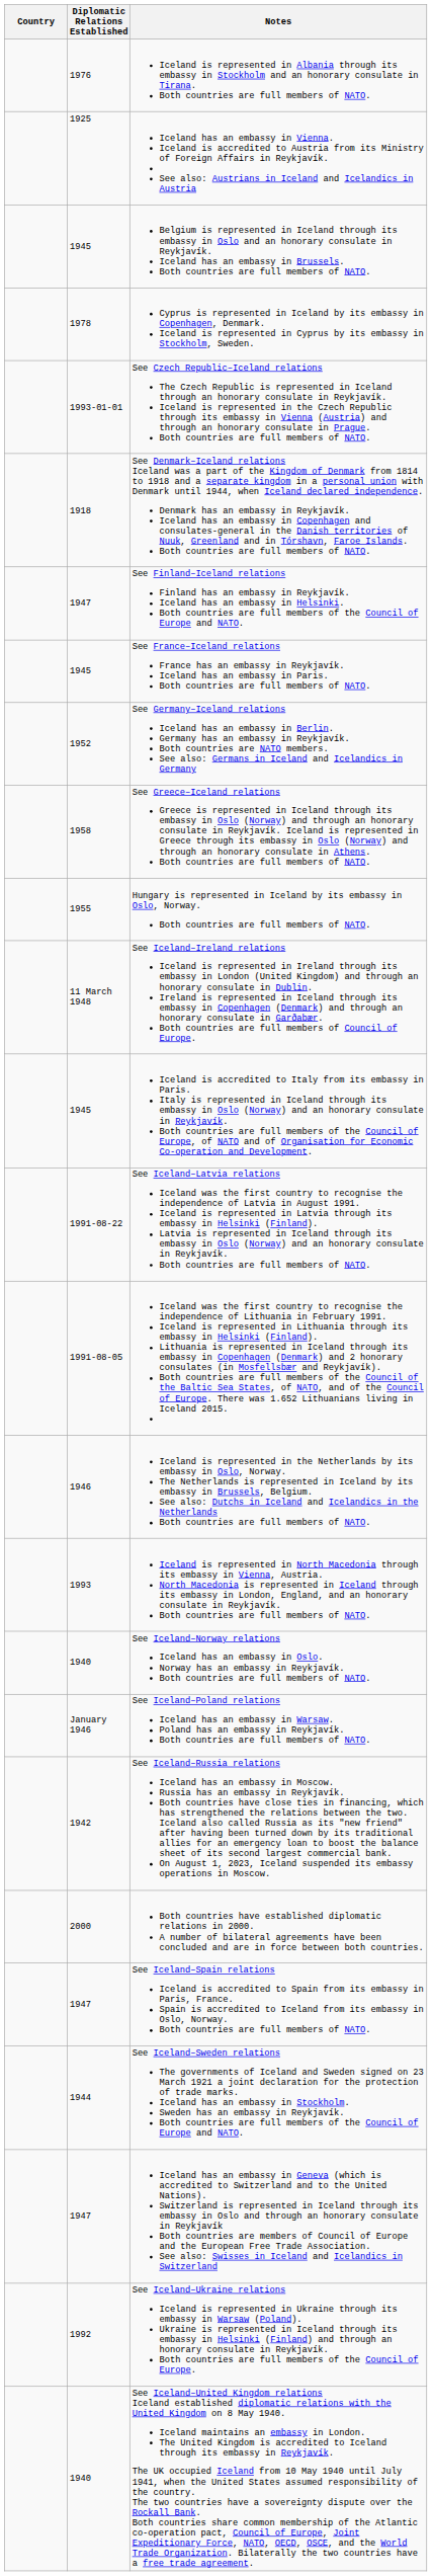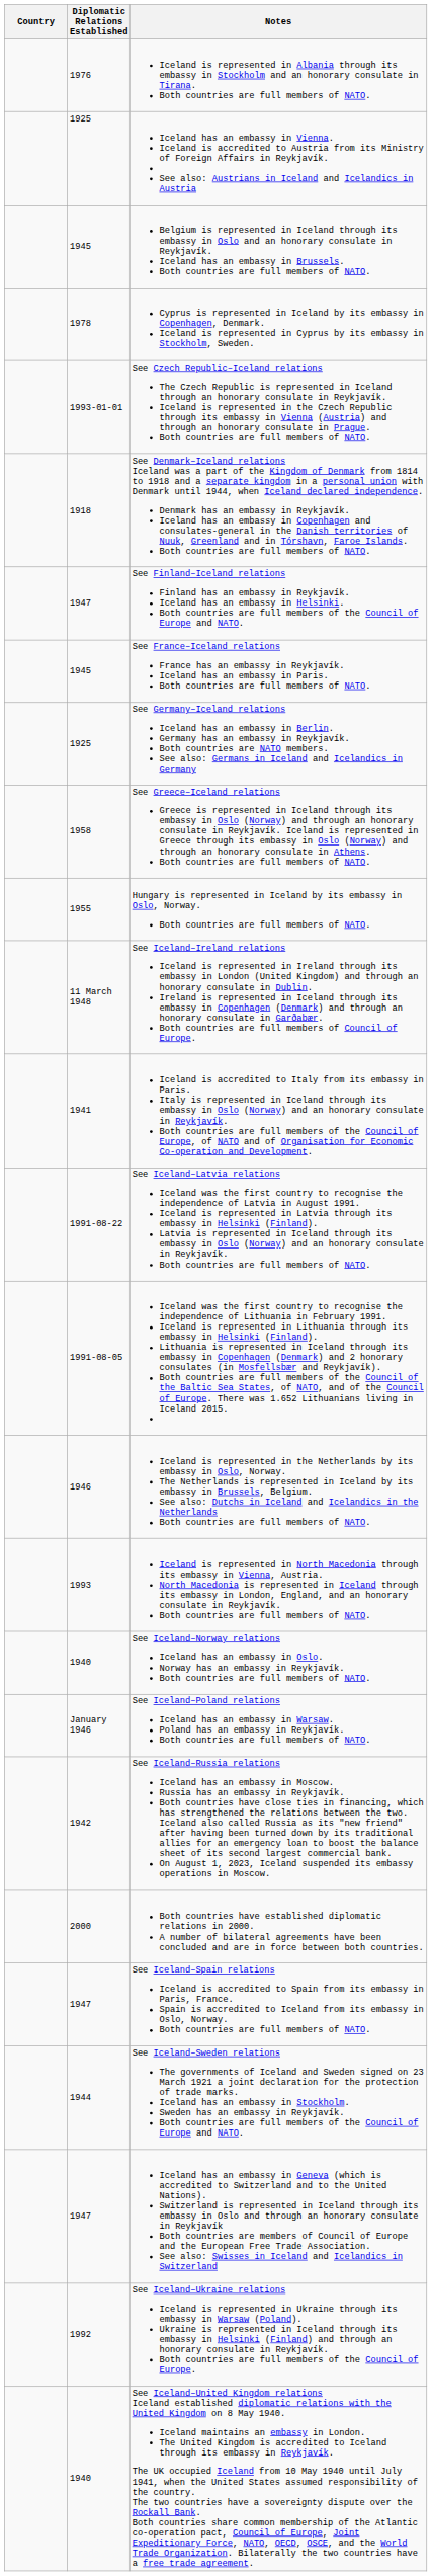 <table class="wikitable sortable" style="width:100%; margin:auto;">
 <tr>
 <th style="width:15%;">Country</th>
 <th style="width:12%;">Diplomatic Relations Established</th>
 <th>Notes</th>
 </tr>
 <tr -valign="top">
 <td></td>
 <td>1976</td>
 <td><br><ul><li>Iceland is represented in <a href='#'>Albania</a> through its embassy in <a href='#'>Stockholm</a> and an honorary consulate in <a href='#'>Tirana</a>.</li><li>Both countries are full members of <a href='#'>NATO</a>.</li></ul></td>
 </tr>
 <tr valign="top">
 <td></td>
 <td>1925</td>
 <td><br><ul><li>Iceland has an embassy in <a href='#'>Vienna</a>.</li><li>Iceland is accredited to Austria from its Ministry of Foreign Affairs in Reykjavík.</li><li></li><li>See also: <a href='#'>Austrians in Iceland</a> and <a href='#'>Icelandics in Austria</a></li></ul></td>
 </tr>
 <tr -valign="top">
 <td></td>
 <td>1945</td>
 <td><br><ul><li>Belgium is represented in Iceland through its embassy in <a href='#'>Oslo</a> and an honorary consulate in Reykjavík.</li><li>Iceland has an embassy in <a href='#'>Brussels</a>.</li><li>Both countries are full members of <a href='#'>NATO</a>.</li></ul></td>
 </tr>
 <tr -valign="top">
 <td></td>
 <td>1978</td>
 <td><br><ul><li>Cyprus is represented in Iceland by its embassy in <a href='#'>Copenhagen</a>, Denmark.</li><li>Iceland is represented in Cyprus by its embassy in <a href='#'>Stockholm</a>, Sweden.</li></ul></td>
 </tr>
 <tr -valign="top">
 <td></td>
 <td>1993-01-01</td>
 <td>See <a href='#'>Czech Republic–Iceland relations</a><br><ul><li>The Czech Republic is represented in Iceland through an honorary consulate in Reykjavík.</li><li>Iceland is represented in the Czech Republic through its embassy in <a href='#'>Vienna</a> (<a href='#'>Austria</a>) and through an honorary consulate in <a href='#'>Prague</a>.</li><li>Both countries are full members of <a href='#'>NATO</a>.</li></ul></td>
 </tr>
 <tr -valign="top">
 <td></td>
 <td>1918</td>
 <td>See <a href='#'>Denmark–Iceland relations</a><br>Iceland was a part of the <a href='#'>Kingdom of Denmark</a> from 1814 to 1918 and a <a href='#'>separate kingdom</a> in a <a href='#'>personal union</a> with Denmark until 1944, when <a href='#'>Iceland declared independence</a>.<ul><li>Denmark has an embassy in Reykjavík.</li><li>Iceland has an embassy in <a href='#'>Copenhagen</a> and consulates-general in the <a href='#'>Danish territories</a> of <a href='#'>Nuuk</a>, <a href='#'>Greenland</a> and in <a href='#'>Tórshavn</a>, <a href='#'>Faroe Islands</a>.</li><li>Both countries are full members of <a href='#'>NATO</a>.</li></ul></td>
 </tr>
 <tr -valign="top">
 <td></td>
 <td>1947</td>
 <td>See <a href='#'>Finland–Iceland relations</a><br><ul><li>Finland has an embassy in Reykjavík.</li><li>Iceland has an embassy in <a href='#'>Helsinki</a>.</li><li>Both countries are full members of the <a href='#'>Council of Europe</a> and <a href='#'>NATO</a>.</li></ul></td>
 </tr>
 <tr -valign="top">
 <td></td>
 <td>1945</td>
 <td>See <a href='#'>France–Iceland relations</a><br><ul><li>France has an embassy in Reykjavík.</li><li>Iceland has an embassy in Paris.</li><li>Both countries are full members of <a href='#'>NATO</a>.</li></ul></td>
 </tr>
 <tr -valign="top">
 <td></td>
-<td>1952</td>
+<td>1925</td>
 <td>See <a href='#'>Germany–Iceland relations</a><br><ul><li>Iceland has an embassy in <a href='#'>Berlin</a>.</li><li>Germany has an embassy in Reykjavík.</li><li>Both countries are <a href='#'>NATO</a> members.</li><li>See also: <a href='#'>Germans in Iceland</a> and <a href='#'>Icelandics in Germany</a></li></ul></td>
 </tr>
 <tr -valign="top">
 <td></td>
 <td>1958</td>
 <td>See <a href='#'>Greece–Iceland relations</a><br><ul><li>Greece is represented in Iceland through its embassy in <a href='#'>Oslo</a> (<a href='#'>Norway</a>) and through an honorary consulate in Reykjavík. Iceland is represented in Greece through its embassy in <a href='#'>Oslo</a> (<a href='#'>Norway</a>) and through an honorary consulate in <a href='#'>Athens</a>.</li><li>Both countries are full members of <a href='#'>NATO</a>.</li></ul></td>
 </tr>
 <tr -valign="top">
 <td></td>
 <td>1955</td>
 <td><br>Hungary is represented in Iceland by its embassy in <a href='#'>Oslo</a>, Norway.<ul><li>Both countries are full members of <a href='#'>NATO</a>.</li></ul></td>
 </tr>
 <tr -valign="top">
 <td></td>
 <td>11 March 1948</td>
 <td>See <a href='#'>Iceland–Ireland relations</a><br><ul><li>Iceland is represented in Ireland through its embassy in London (United Kingdom) and through an honorary consulate in <a href='#'>Dublin</a>.</li><li>Ireland is represented in Iceland through its embassy in <a href='#'>Copenhagen</a> (<a href='#'>Denmark</a>) and through an honorary consulate in <a href='#'>Garðabær</a>.</li><li>Both countries are full members of <a href='#'>Council of Europe</a>.</li></ul></td>
 </tr>
 <tr -valign="top">
 <td></td>
-<td>1945</td>
+<td>1941</td>
 <td><br><ul><li>Iceland is accredited to Italy from its embassy in Paris.</li><li>Italy is represented in Iceland through its embassy in <a href='#'>Oslo</a> (<a href='#'>Norway</a>) and an honorary consulate in <a href='#'>Reykjavík</a>.</li><li>Both countries are full members of the <a href='#'>Council of Europe</a>, of <a href='#'>NATO</a> and of <a href='#'>Organisation for Economic Co-operation and Development</a>.</li></ul></td>
 </tr>
 <tr -valign="top">
 <td></td>
 <td>1991-08-22</td>
 <td>See <a href='#'>Iceland–Latvia relations</a><br><ul><li>Iceland was the first country to recognise the independence of Latvia in August 1991.</li><li>Iceland is represented in Latvia through its embassy in <a href='#'>Helsinki</a> (<a href='#'>Finland</a>).</li><li>Latvia is represented in Iceland through its embassy in <a href='#'>Oslo</a> (<a href='#'>Norway</a>) and an honorary consulate in Reykjavík.</li><li>Both countries are full members of <a href='#'>NATO</a>.</li></ul></td>
 </tr>
 <tr -valign="top">
 <td></td>
 <td>1991-08-05</td>
 <td><br><ul><li>Iceland was the first country to recognise the independence of Lithuania in February 1991.</li><li>Iceland is represented in Lithuania through its embassy in <a href='#'>Helsinki</a> (<a href='#'>Finland</a>).</li><li>Lithuania is represented in Iceland through its embassy in <a href='#'>Copenhagen</a> (<a href='#'>Denmark</a>) and 2 honorary consulates (in <a href='#'>Mosfellsbær</a> and Reykjavík).</li><li>Both countries are full members of the <a href='#'>Council of the Baltic Sea States</a>, of <a href='#'>NATO</a>, and of the <a href='#'>Council of Europe</a>. There was 1.652 Lithuanians living in Iceland 2015.</li><li> </li></ul></td>
 </tr>
 <tr -valign="top">
 <td></td>
 <td>1946</td>
 <td><br><ul><li>Iceland is represented in the Netherlands by its embassy in <a href='#'>Oslo</a>, Norway.</li><li>The Netherlands is represented in Iceland by its embassy in <a href='#'>Brussels</a>, Belgium.</li><li>See also: <a href='#'>Dutchs in Iceland</a> and <a href='#'>Icelandics in the Netherlands</a></li><li>Both countries are full members of <a href='#'>NATO</a>.</li></ul></td>
 </tr>
 <tr -valign="top">
 <td></td>
 <td>1993</td>
 <td><br><ul><li><a href='#'>Iceland</a> is represented in <a href='#'>North Macedonia</a> through its embassy in <a href='#'>Vienna</a>, Austria.</li><li><a href='#'>North Macedonia</a> is represented in <a href='#'>Iceland</a> through its embassy in London, England, and an honorary consulate in Reykjavík.</li><li>Both countries are full members of <a href='#'>NATO</a>.</li></ul></td>
 </tr>
 <tr -valign="top">
 <td></td>
 <td>1940</td>
 <td>See <a href='#'>Iceland–Norway relations</a><br><ul><li>Iceland has an embassy in <a href='#'>Oslo</a>.</li><li>Norway has an embassy in Reykjavík.</li><li>Both countries are full members of <a href='#'>NATO</a>.</li></ul></td>
 </tr>
 <tr -valign="top">
 <td></td>
 <td>January 1946</td>
 <td>See <a href='#'>Iceland–Poland relations</a><br><ul><li>Iceland has an embassy in <a href='#'>Warsaw</a>.</li><li>Poland has an embassy in Reykjavík.</li><li>Both countries are full members of <a href='#'>NATO</a>.</li></ul></td>
 </tr>
 <tr -valign="top">
 <td></td>
 <td>1942</td>
 <td>See <a href='#'>Iceland–Russia relations</a><br><ul><li>Iceland has an embassy in Moscow.</li><li>Russia has an embassy in Reykjavík.</li><li>Both countries have close ties in financing, which has strengthened the relations between the two. Iceland also called Russia as its "new friend" after having been turned down by its traditional allies for an emergency loan to boost the balance sheet of its second largest commercial bank.</li><li>On August 1, 2023, Iceland suspended its embassy operations in Moscow.</li></ul></td>
 </tr>
 <tr -valign="top">
 <td></td>
 <td>2000</td>
 <td><br><ul><li>Both countries have established diplomatic relations in 2000.</li><li>A number of bilateral agreements have been concluded and are in force between both countries.</li></ul></td>
 </tr>
 <tr -valign="top">
 <td></td>
 <td>1947</td>
 <td>See <a href='#'>Iceland–Spain relations</a><br><ul><li>Iceland is accredited to Spain from its embassy in Paris, France.</li><li>Spain is accredited to Iceland from its embassy in Oslo, Norway.</li><li>Both countries are full members of <a href='#'>NATO</a>.</li></ul></td>
 </tr>
 <tr -valign="top">
 <td></td>
 <td>1944</td>
 <td>See <a href='#'>Iceland–Sweden relations</a><br><ul><li>The governments of Iceland and Sweden signed on 23 March 1921 a joint declaration for the protection of trade marks.</li><li>Iceland has an embassy in <a href='#'>Stockholm</a>.</li><li>Sweden has an embassy in Reykjavík.</li><li>Both countries are full members of the <a href='#'>Council of Europe</a> and <a href='#'>NATO</a>.</li></ul></td>
 </tr>
 <tr -valign="top">
 <td></td>
 <td>1947</td>
 <td><br><ul><li>Iceland has an embassy in <a href='#'>Geneva</a> (which is accredited to Switzerland and to the United Nations).</li><li>Switzerland is represented in Iceland through its embassy in Oslo and through an honorary consulate in Reykjavík</li><li>Both countries are members of Council of Europe and the European Free Trade Association.</li><li>See also: <a href='#'>Swisses in Iceland</a> and <a href='#'>Icelandics in Switzerland</a></li></ul></td>
 </tr>
 <tr -valign="top">
 <td></td>
 <td>1992</td>
 <td>See <a href='#'>Iceland–Ukraine relations</a><br><ul><li>Iceland is represented in Ukraine through its embassy in <a href='#'>Warsaw</a> (<a href='#'>Poland</a>).</li><li>Ukraine is represented in Iceland through its embassy in <a href='#'>Helsinki</a> (<a href='#'>Finland</a>) and through an honorary consulate in Reykjavík.</li><li>Both countries are full members of the <a href='#'>Council of Europe</a>.</li></ul></td>
 </tr>
 <tr -valign="top">
 <td></td>
 <td>1940</td>
 <td>See <a href='#'>Iceland–United Kingdom relations</a><br>Iceland established <a href='#'>diplomatic relations with the United Kingdom</a> on 8 May 1940.<ul><li>Iceland maintains an <a href='#'>embassy</a> in London.</li><li>The United Kingdom is accredited to Iceland through its embassy in <a href='#'>Reykjavík</a>.</li></ul>The UK occupied <a href='#'>Iceland</a> from 10 May 1940 until July 1941, when the United States assumed responsibility of the country.<br>The two countries have a sovereignty dispute over the <a href='#'>Rockall Bank</a>.<br>Both countries share common membership of the Atlantic co-operation pact, <a href='#'>Council of Europe</a>, <a href='#'>Joint Expeditionary Force</a>, <a href='#'>NATO</a>, <a href='#'>OECD</a>, <a href='#'>OSCE</a>, and the <a href='#'>World Trade Organization</a>. Bilaterally the two countries have a <a href='#'>free trade agreement</a>.</td>
 </tr>
 </table>
